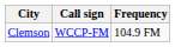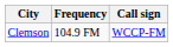 <table class="wikitable">
 <tr>
 <th>City</th>
+<th>Frequency</th>
 <th>Call sign</th>
-<th>Frequency</th>
 </tr>
 <tr>
 <td><a href='#'>Clemson</a></td>
+<td>104.9 FM</td>
 <td><a href='#'>WCCP-FM</a></td>
-<td>104.9 FM</td>
 </tr>
 </table>
